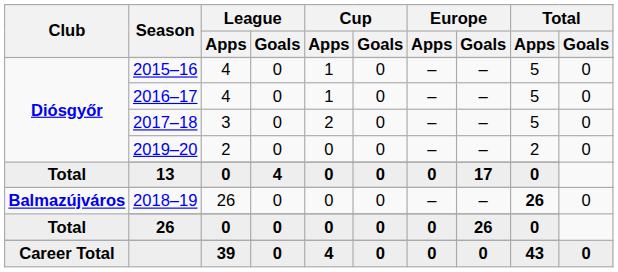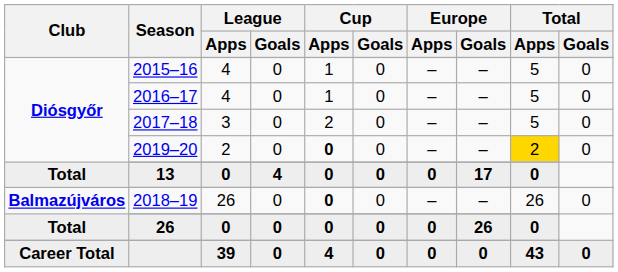 <table class="wikitable" style="font-size:90%; text-align: center;">
 <tr>
 <th rowspan="2">Club</th>
 <th rowspan="2">Season</th>
 <th colspan="2">League</th>
 <th colspan="2">Cup</th>
 <th colspan="2">Europe</th>
 <th colspan="2">Total</th>
 </tr>
 <tr>
 <th>Apps</th>
 <th>Goals</th>
 <th>Apps</th>
 <th>Goals</th>
 <th>Apps</th>
 <th>Goals</th>
 <th>Apps</th>
 <th>Goals</th>
 </tr>
 <tr ||-||-||-|->
 <td rowspan="6" valign="center"><strong><a href='#'>Diósgyőr</a></strong></td>
 </tr>
 <tr>
 <td><a href='#'>2015–16</a></td>
 <td>4</td>
 <td>0</td>
 <td>1</td>
 <td>0</td>
 <td>–</td>
 <td>–</td>
 <td>5</td>
 <td>0</td>
 </tr>
 <tr>
 <td><a href='#'>2016–17</a></td>
 <td>4</td>
 <td>0</td>
 <td>1</td>
 <td>0</td>
 <td>–</td>
 <td>–</td>
 <td>5</td>
 <td>0</td>
 </tr>
 <tr>
 <td><a href='#'>2017–18</a></td>
 <td>3</td>
 <td>0</td>
 <td>2</td>
 <td>0</td>
 <td>–</td>
 <td>–</td>
 <td>5</td>
 <td>0</td>
 </tr>
 <tr>
 <td><a href='#'>2019–20</a></td>
 <td>2</td>
 <td>0</td>
-<td>0</td>
+<td><strong>0</strong></td>
 <td>0</td>
 <td>–</td>
 <td>–</td>
-<td>2</td>
+<td style="background: gold;">2</td>
 <td>0</td>
 </tr>
 <tr>
 </tr>
 <tr style="font-weight:bold; background-color:#eeeeee;">
 <td>Total</td>
 <td>13</td>
 <td>0</td>
 <td>4</td>
 <td>0</td>
 <td>0</td>
 <td>0</td>
 <td>17</td>
 <td>0</td>
 </tr>
 <tr>
 <td rowspan="3" valign="center"><strong><a href='#'>Balmazújváros</a></strong></td>
 </tr>
 <tr>
 <td><a href='#'>2018–19</a></td>
 <td>26</td>
 <td>0</td>
-<td>0</td>
+<td><strong>0</strong></td>
 <td>0</td>
 <td>–</td>
 <td>–</td>
-<td><strong>26</strong></td>
+<td>26</td>
 <td>0</td>
 </tr>
 <tr>
 </tr>
 <tr style="font-weight:bold; background-color:#eeeeee;">
 <td>Total</td>
 <td>26</td>
 <td>0</td>
 <td>0</td>
 <td>0</td>
 <td>0</td>
 <td>0</td>
 <td>26</td>
 <td>0</td>
 </tr>
 <tr>
 </tr>
 <tr style="font-weight:bold; background-color:#eeeeee;">
 <td rowspan="2" valign="top"><strong>Career Total</strong></td>
 <td></td>
 <td><strong>39</strong></td>
 <td><strong>0</strong></td>
 <td><strong>4</strong></td>
 <td><strong>0</strong></td>
 <td><strong>0</strong></td>
 <td><strong>0</strong></td>
 <td><strong>43</strong></td>
 <td><strong>0</strong></td>
 </tr>
 </table>
